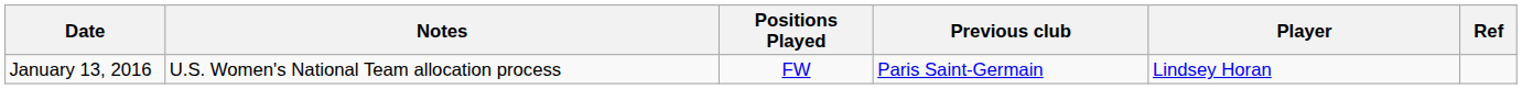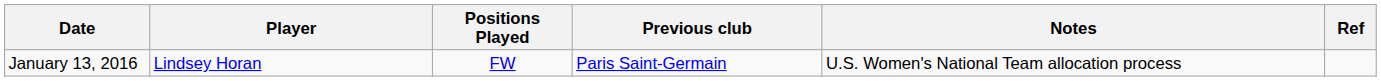 <table class="wikitable" style="text-align:left; font-size:95%;">
 <tr>
 <th style="width:125px;">Date</th>
-<th style="width:450px;">Notes</th>
+<th style="width:250px;">Player</th>
 <th style="width:120px;">Positions Played</th>
 <th style="width:220px;">Previous club</th>
-<th style="width:250px;">Player</th>
+<th style="width:450px;">Notes</th>
 <th style="width:40px;">Ref</th>
 </tr>
 <tr>
 <td>January 13, 2016</td>
-<td>U.S. Women's National Team allocation process</td>
+<td> <a href='#'>Lindsey Horan</a></td>
 <td style="text-align:center;"><a href='#'>FW</a></td>
 <td> <a href='#'>Paris Saint-Germain</a></td>
-<td> <a href='#'>Lindsey Horan</a></td>
+<td>U.S. Women's National Team allocation process</td>
 <td></td>
 </tr>
 </table>
